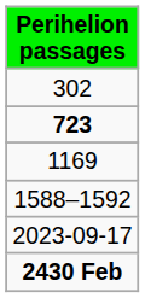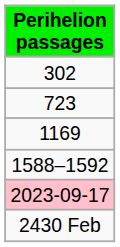 <table class=wikitable style="text-align:center; font-size:11px; float:right; margin:2px">
 <tr bgcolor= style="font-size: smaller;">
 <td colspan="8" style="text-align:center;"><strong>Perihelion<br>passages</strong></td>
 </tr>
 <tr>
 <td>302</td>
 </tr>
 <tr>
-<td><strong>723</strong></td>
+<td>723</td>
 </tr>
 <tr>
 <td>1169</td>
 </tr>
 <tr>
 <td>1588–1592</td>
 </tr>
 <tr>
-<td>2023-09-17</td>
+<td style="background: pink;">2023-09-17</td>
 </tr>
 <tr>
-<td><strong>2430 Feb</strong></td>
+<td>2430 Feb</td>
 </tr>
 </table>
